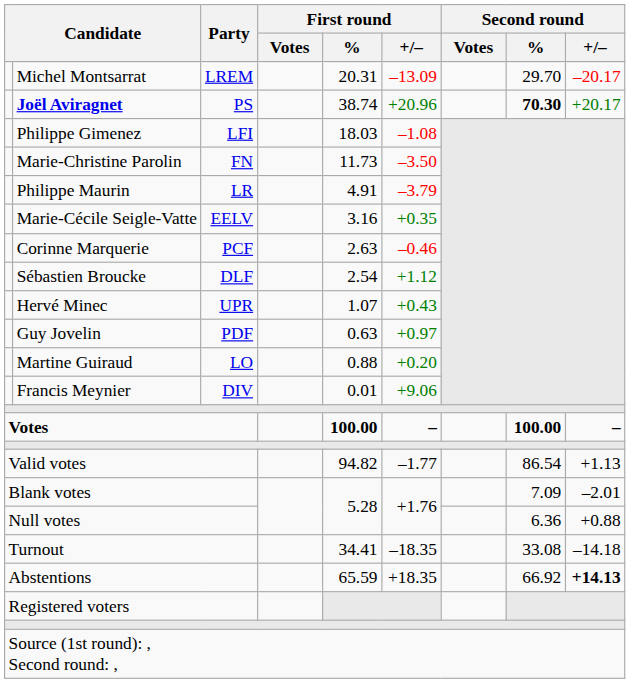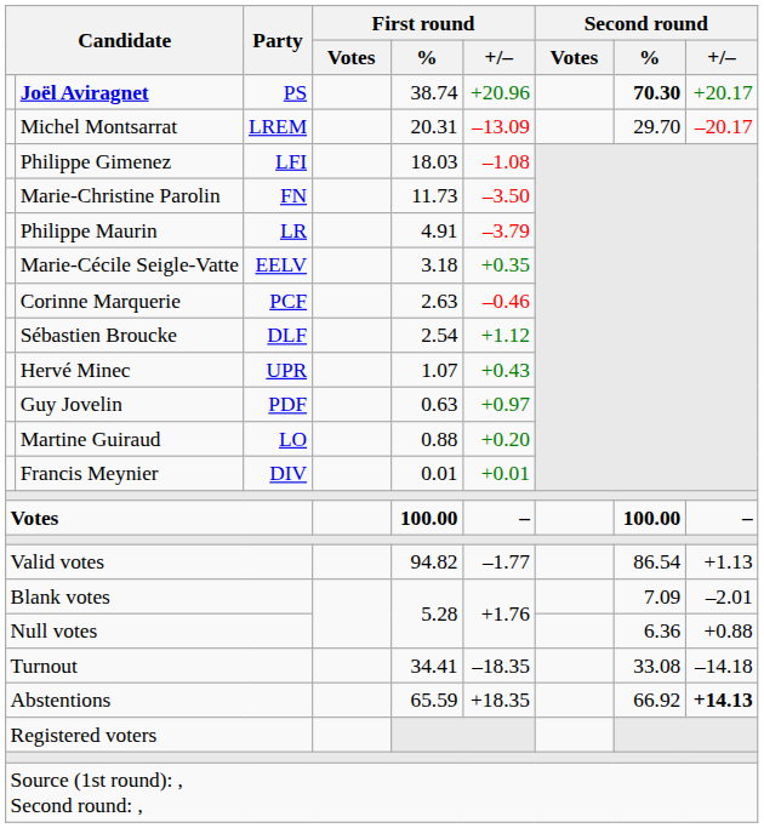 <table class="wikitable" style="text-align:right;font-size:95%;">
 <tr>
 <th rowspan="2" colspan="2">Candidate</th>
 <th rowspan="2">Party</th>
 <th colspan="3">First round</th>
 <th colspan="3">Second round</th>
 </tr>
 <tr>
 <th style="width:50px;">Votes</th>
 <th style="width:45px;">%</th>
 <th style="width:45px;">+/–</th>
 <th style="width:50px;">Votes</th>
 <th style="width:45px;">%</th>
 <th style="width:45px;">+/–</th>
 </tr>
 <tr>
 <td style="background:"></td>
+<td style="text-align:left;"><strong><a href='#'>Joël Aviragnet</a></strong></td>
+<td><a href='#'>PS</a></td>
+<td></td>
+<td>38.74</td>
+<td style="color:green;">+20.96</td>
+<td><strong></strong></td>
+<td><strong>70.30</strong></td>
+<td style="color:green;">+20.17</td>
+</tr>
+<tr>
+<td style="background:"></td>
 <td style="text-align:left;">Michel Montsarrat</td>
 <td><a href='#'>LREM</a></td>
 <td></td>
 <td>20.31</td>
 <td style="color:red;">–13.09</td>
 <td></td>
 <td>29.70</td>
 <td style="color:red;">–20.17</td>
-</tr>
-<tr>
-<td style="background:"></td>
-<td style="text-align:left;"><strong><a href='#'>Joël Aviragnet</a></strong></td>
-<td><a href='#'>PS</a></td>
-<td></td>
-<td>38.74</td>
-<td style="color:green;">+20.96</td>
-<td><strong></strong></td>
-<td><strong>70.30</strong></td>
-<td style="color:green;">+20.17</td>
 </tr>
 <tr>
 <td style="background:"></td>
 <td style="text-align:left;">Philippe Gimenez</td>
 <td><a href='#'>LFI</a></td>
 <td></td>
 <td>18.03</td>
 <td style="color:red;">–1.08</td>
 <td colspan="3" rowspan="10" style="background:#E9E9E9;"></td>
 </tr>
 <tr>
 <td style="background:"></td>
 <td style="text-align:left;">Marie-Christine Parolin</td>
 <td><a href='#'>FN</a></td>
 <td></td>
 <td>11.73</td>
 <td style="color:red;">–3.50</td>
 </tr>
 <tr>
 <td style="background:"></td>
 <td style="text-align:left;">Philippe Maurin</td>
 <td><a href='#'>LR</a></td>
 <td></td>
 <td>4.91</td>
 <td style="color:red;">–3.79</td>
 </tr>
 <tr>
 <td style="background:"></td>
 <td style="text-align:left;">Marie-Cécile Seigle-Vatte</td>
 <td><a href='#'>EELV</a></td>
 <td></td>
-<td>3.16</td>
+<td>3.18</td>
 <td style="color:green;">+0.35</td>
 </tr>
 <tr>
 <td style="background:"></td>
 <td style="text-align:left;">Corinne Marquerie</td>
 <td><a href='#'>PCF</a></td>
 <td></td>
 <td>2.63</td>
 <td style="color:red;">–0.46</td>
 </tr>
 <tr>
 <td style="background:"></td>
 <td style="text-align:left;">Sébastien Broucke</td>
 <td><a href='#'>DLF</a></td>
 <td></td>
 <td>2.54</td>
 <td style="color:green;">+1.12</td>
 </tr>
 <tr>
 <td style="background:"></td>
 <td style="text-align:left;">Hervé Minec</td>
 <td><a href='#'>UPR</a></td>
 <td></td>
 <td>1.07</td>
 <td style="color:green;">+0.43</td>
 </tr>
 <tr>
 <td style="background:"></td>
 <td style="text-align:left;">Guy Jovelin</td>
 <td><a href='#'>PDF</a></td>
 <td></td>
 <td>0.63</td>
 <td style="color:green;">+0.97</td>
 </tr>
 <tr>
 <td style="background:"></td>
 <td style="text-align:left;">Martine Guiraud</td>
 <td><a href='#'>LO</a></td>
 <td></td>
 <td>0.88</td>
 <td style="color:green;">+0.20</td>
 </tr>
 <tr>
 <td style="background:"></td>
 <td style="text-align:left;">Francis Meynier</td>
 <td><a href='#'>DIV</a></td>
 <td></td>
 <td>0.01</td>
-<td style="color:green;">+9.06</td>
+<td style="color:green;">+0.01</td>
 </tr>
 <tr>
 <td colspan="9" style="background:#E9E9E9;"></td>
 </tr>
 <tr style="font-weight:bold;">
 <td colspan="3" style="text-align:left;">Votes</td>
 <td></td>
 <td>100.00</td>
 <td>–</td>
 <td></td>
 <td>100.00</td>
 <td>–</td>
 </tr>
 <tr>
 <td colspan="9" style="background:#E9E9E9;"></td>
 </tr>
 <tr>
 <td colspan="3" style="text-align:left;">Valid votes</td>
 <td></td>
 <td>94.82</td>
 <td>–1.77</td>
 <td></td>
 <td>86.54</td>
 <td>+1.13</td>
 </tr>
 <tr>
 <td colspan="3" style="text-align:left;">Blank votes</td>
 <td rowspan="2"></td>
 <td rowspan="2">5.28</td>
 <td rowspan="2">+1.76</td>
 <td></td>
 <td>7.09</td>
 <td>–2.01</td>
 </tr>
 <tr>
 <td colspan="3" style="text-align:left;">Null votes</td>
 <td></td>
 <td>6.36</td>
 <td>+0.88</td>
 </tr>
 <tr>
 <td colspan="3" style="text-align:left;">Turnout</td>
 <td></td>
 <td>34.41</td>
 <td>–18.35</td>
 <td></td>
 <td>33.08</td>
 <td>–14.18</td>
 </tr>
 <tr>
 <td colspan="3" style="text-align:left;">Abstentions</td>
 <td></td>
 <td>65.59</td>
 <td>+18.35</td>
 <td></td>
 <td>66.92</td>
 <td><strong>+14.13</strong></td>
 </tr>
 <tr>
 <td colspan="3" style="text-align:left;">Registered voters</td>
 <td></td>
 <td colspan="2" style="background:#E9E9E9;"></td>
 <td></td>
 <td colspan="2" style="background:#E9E9E9;"></td>
 </tr>
 <tr>
 <td colspan="9" style="background:#E9E9E9;"></td>
 </tr>
 <tr>
 <td colspan="9" style="text-align:left;">Source (1st round): , <br>Second round: , </td>
 </tr>
 </table>
